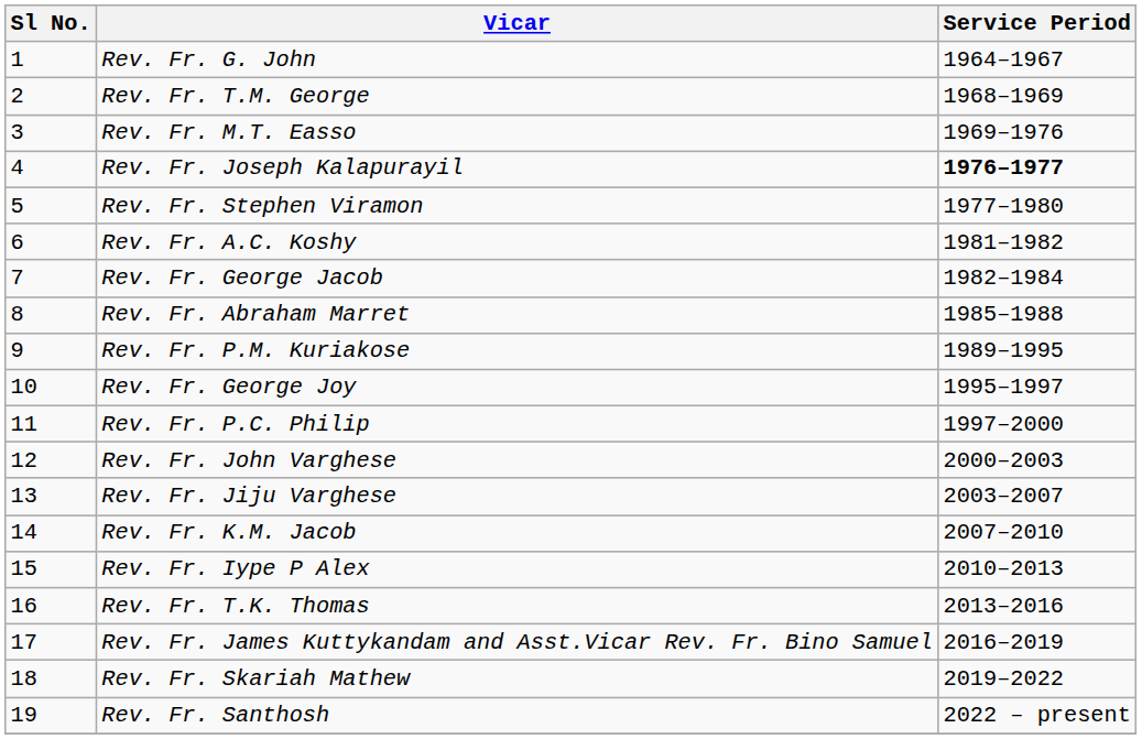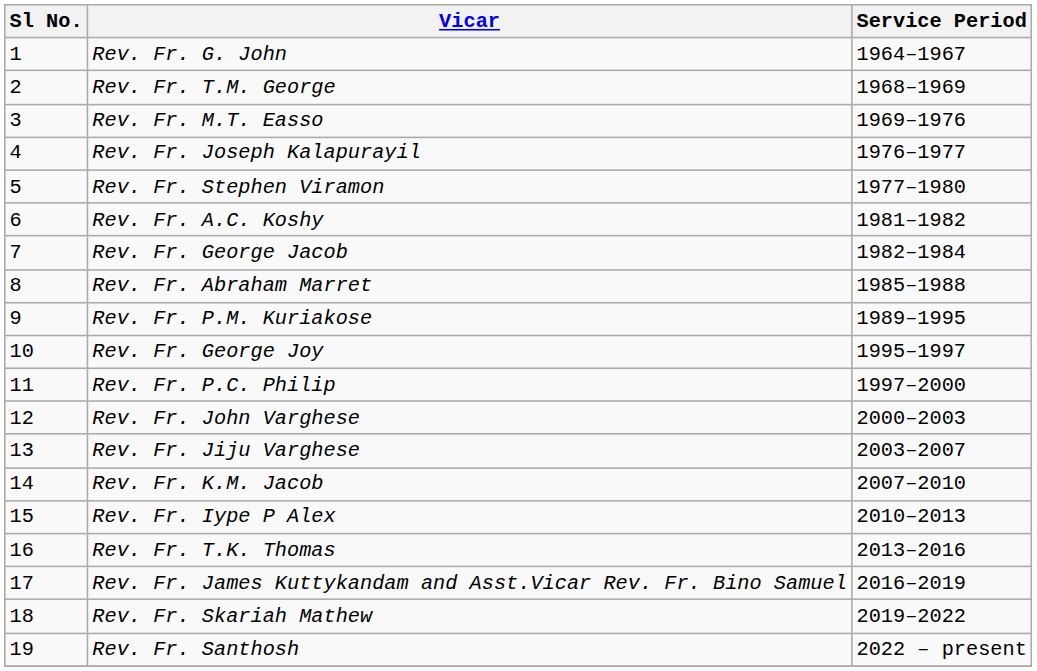 <table class="wikitable">
 <tr>
 <th>Sl No.</th>
 <th><a href='#'>Vicar</a></th>
 <th>Service Period</th>
 </tr>
 <tr>
 <td>1</td>
 <td><em>Rev. Fr. G. John</em></td>
 <td>1964–1967</td>
 </tr>
 <tr>
 <td>2</td>
 <td><em>Rev. Fr. T.M. George</em></td>
 <td>1968–1969</td>
 </tr>
 <tr>
 <td>3</td>
 <td><em>Rev. Fr. M.T. Easso</em></td>
 <td>1969–1976</td>
 </tr>
 <tr>
 <td>4</td>
 <td><em> Rev. Fr. Joseph Kalapurayil</em></td>
-<td><strong>1976–1977</strong></td>
+<td>1976–1977</td>
 </tr>
 <tr>
 <td>5</td>
 <td><em>Rev. Fr. Stephen Viramon</em></td>
 <td>1977–1980</td>
 </tr>
 <tr>
 <td>6</td>
 <td><em>Rev. Fr. A.C. Koshy</em></td>
 <td>1981–1982</td>
 </tr>
 <tr>
 <td>7</td>
 <td><em>Rev. Fr. George Jacob</em></td>
 <td>1982–1984</td>
 </tr>
 <tr>
 <td>8</td>
 <td><em>Rev. Fr. Abraham Marret</em></td>
 <td>1985–1988</td>
 </tr>
 <tr>
 <td>9</td>
 <td><em>Rev. Fr. P.M. Kuriakose</em></td>
 <td>1989–1995</td>
 </tr>
 <tr>
 <td>10</td>
 <td><em>Rev. Fr. George Joy</em></td>
 <td>1995–1997</td>
 </tr>
 <tr>
 <td>11</td>
 <td><em>Rev. Fr. P.C. Philip</em></td>
 <td>1997–2000</td>
 </tr>
 <tr>
 <td>12</td>
 <td><em>Rev. Fr. John Varghese</em></td>
 <td>2000–2003</td>
 </tr>
 <tr>
 <td>13</td>
 <td><em>Rev. Fr. Jiju Varghese</em></td>
 <td>2003–2007</td>
 </tr>
 <tr>
 <td>14</td>
 <td><em>Rev. Fr. K.M. Jacob</em></td>
 <td>2007–2010</td>
 </tr>
 <tr>
 <td>15</td>
 <td><em>Rev. Fr. Iype P Alex</em></td>
 <td>2010–2013</td>
 </tr>
 <tr>
 <td>16</td>
 <td><em>Rev. Fr. T.K. Thomas</em></td>
 <td>2013–2016</td>
 </tr>
 <tr>
 <td>17</td>
 <td><em>Rev. Fr. James Kuttykandam and Asst.Vicar Rev. Fr. Bino Samuel</em></td>
 <td>2016–2019</td>
 </tr>
 <tr>
 <td>18</td>
 <td><em>Rev. Fr. Skariah Mathew</em></td>
 <td>2019–2022</td>
 </tr>
 <tr>
 <td>19</td>
 <td><em>Rev. Fr. Santhosh </em></td>
 <td>2022 – present</td>
 </tr>
 <tr>
 </tr>
 </table>
